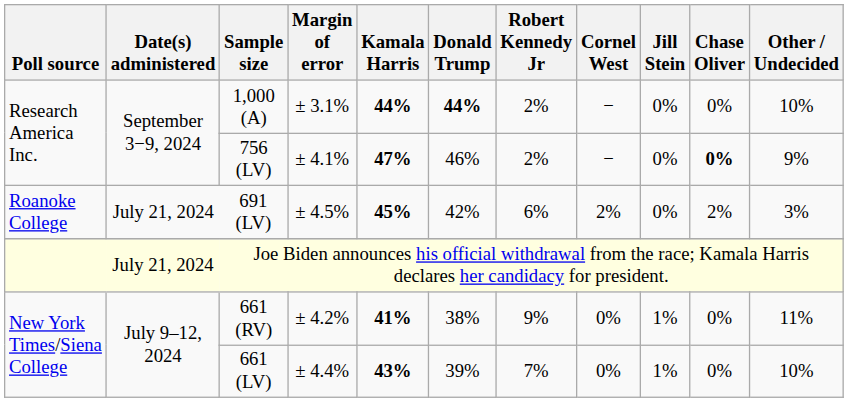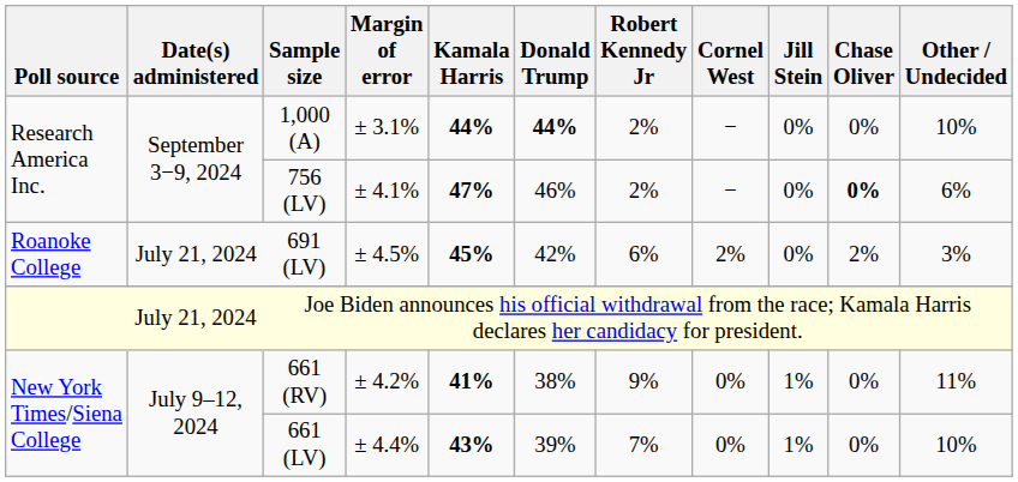 <table class="wikitable sortable mw-datatable" style="font-size:90%;text-align:center;line-height:17px">
 <tr valign=bottom>
 <th>Poll source</th>
 <th>Date(s)<br>administered</th>
 <th>Sample<br>size</th>
 <th>Margin<br>of error</th>
 <th class="unsortable">Kamala<br>Harris<br></th>
 <th class="unsortable">Donald<br>Trump<br></th>
 <th class="unsortable">Robert<br>Kennedy Jr<br></th>
 <th class="unsortable">Cornel<br>West<br></th>
 <th class="unsortable">Jill<br>Stein<br></th>
 <th class="unsortable">Chase<br>Oliver<br></th>
 <th class="unsortable">Other /<br>Undecided</th>
 </tr>
 <tr>
 <td style="text-align:left;" rowspan="2">Research America Inc.</td>
 <td rowspan="2">September 3−9, 2024</td>
 <td>1,000 (A)</td>
 <td>± 3.1%</td>
 <td><strong>44%</strong></td>
 <td><strong>44%</strong></td>
 <td>2%</td>
 <td>−</td>
 <td>0%</td>
 <td>0%</td>
 <td>10%</td>
 </tr>
 <tr>
 <td>756 (LV)</td>
 <td>± 4.1%</td>
 <td style="color:black;background-color:"><strong>47%</strong></td>
 <td>46%</td>
 <td>2%</td>
 <td>−</td>
 <td>0%</td>
 <td><strong>0%</strong></td>
-<td>9%</td>
+<td>6%</td>
 </tr>
 <tr>
 <td style="text-align:left;"><a href='#'>Roanoke College</a></td>
 <td style="border-right-style:hidden; " data-sort-value="2024-07-21">July 21, 2024</td>
 <td>691 (LV)</td>
 <td>± 4.5%</td>
 <td style="color:black;background-color:"><strong>45%</strong></td>
 <td>42%</td>
 <td>6%</td>
 <td>2%</td>
 <td>0%</td>
 <td>2%</td>
 <td>3%</td>
 </tr>
 <tr>
 </tr>
 <tr style="background:lightyellow;">
 <td style="border-right-style:hidden; background:lightyellow;"></td>
 <td style="border-right-style:hidden; " data-sort-value="2024-07-21">July 21, 2024</td>
 <td colspan="9">Joe Biden announces <a href='#'>his official withdrawal</a> from the race; Kamala Harris declares <a href='#'>her candidacy</a> for president.</td>
 </tr>
 <tr>
 <td style="text-align:left;" rowspan="2"><a href='#'>New York Times</a>/<a href='#'>Siena College</a></td>
 <td rowspan="2">July 9–12, 2024</td>
 <td>661 (RV)</td>
 <td>± 4.2%</td>
 <td style="color:black;background-color:"><strong>41%</strong></td>
 <td>38%</td>
 <td>9%</td>
 <td>0%</td>
 <td>1%</td>
 <td>0%</td>
 <td>11%</td>
 </tr>
 <tr>
 <td>661 (LV)</td>
 <td>± 4.4%</td>
 <td style="color:black;background-color:"><strong>43%</strong></td>
 <td>39%</td>
 <td>7%</td>
 <td>0%</td>
 <td>1%</td>
 <td>0%</td>
 <td>10%</td>
 </tr>
 </table>
